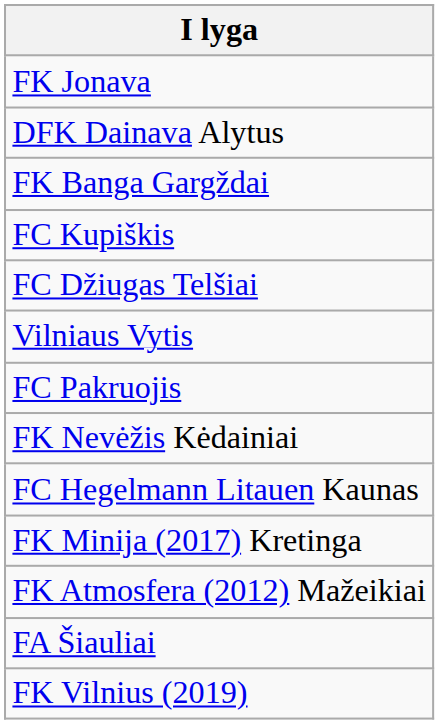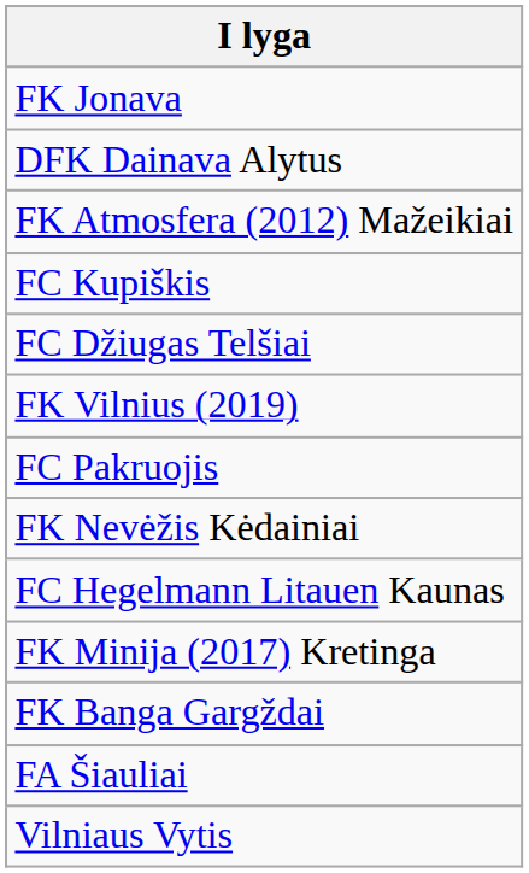 <table class="wikitable">
 <tr>
 <th>I lyga</th>
 </tr>
 <tr>
 <td><a href='#'>FK Jonava</a></td>
 </tr>
 <tr>
 <td><a href='#'>DFK Dainava</a> Alytus</td>
 </tr>
 <tr>
-<td><a href='#'>FK Banga Gargždai</a></td>
+<td><a href='#'>FK Atmosfera (2012)</a> Mažeikiai</td>
 </tr>
 <tr>
 <td><a href='#'>FC Kupiškis</a></td>
 </tr>
 <tr>
 <td><a href='#'>FC Džiugas Telšiai</a></td>
 </tr>
 <tr>
-<td><a href='#'>Vilniaus Vytis</a></td>
+<td><a href='#'>FK Vilnius (2019)</a></td>
 </tr>
 <tr>
 <td><a href='#'>FC Pakruojis</a></td>
 </tr>
 <tr>
 <td><a href='#'>FK Nevėžis</a> Kėdainiai</td>
 </tr>
 <tr>
 <td><a href='#'>FC Hegelmann Litauen</a> Kaunas</td>
 </tr>
 <tr>
 <td><a href='#'>FK Minija (2017)</a> Kretinga</td>
 </tr>
 <tr>
-<td><a href='#'>FK Atmosfera (2012)</a> Mažeikiai</td>
+<td><a href='#'>FK Banga Gargždai</a></td>
 </tr>
 <tr>
 <td><a href='#'>FA Šiauliai</a></td>
 </tr>
 <tr>
-<td><a href='#'>FK Vilnius (2019)</a></td>
+<td><a href='#'>Vilniaus Vytis</a></td>
 </tr>
 </table>
